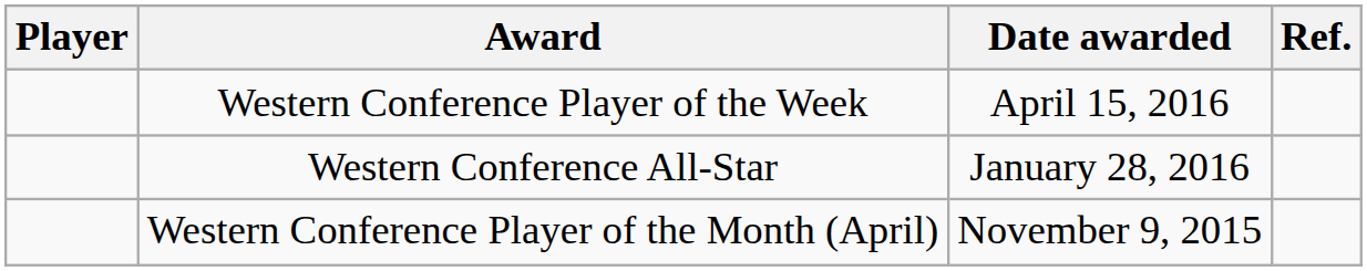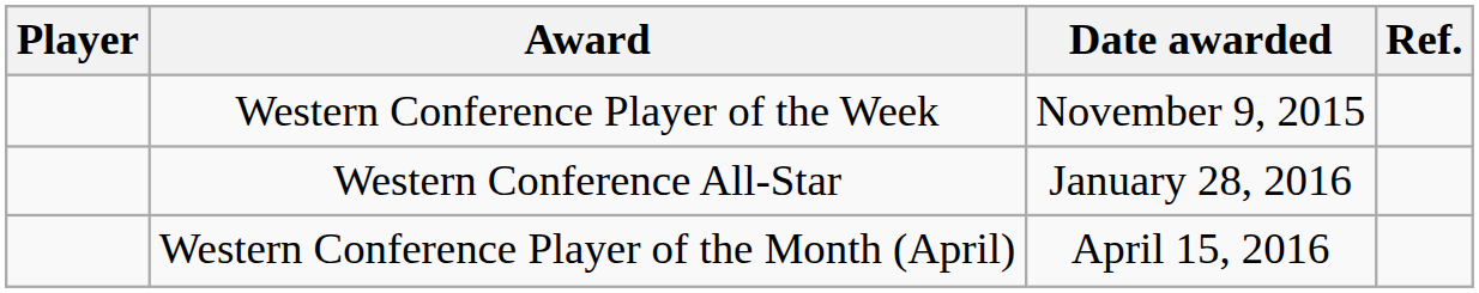 <table class="wikitable sortable sortable" style="text-align: center">
 <tr>
 <th>Player</th>
 <th>Award</th>
 <th>Date awarded</th>
 <th>Ref.</th>
 </tr>
 <tr>
 <td></td>
 <td>Western Conference Player of the Week</td>
-<td>April 15, 2016</td>
+<td>November 9, 2015</td>
 <td></td>
 </tr>
 <tr>
 <td></td>
 <td>Western Conference All-Star</td>
 <td>January 28, 2016</td>
 <td></td>
 </tr>
 <tr>
 <td></td>
 <td>Western Conference Player of the Month (April)</td>
-<td>November 9, 2015</td>
+<td>April 15, 2016</td>
 <td></td>
 </tr>
 </table>
